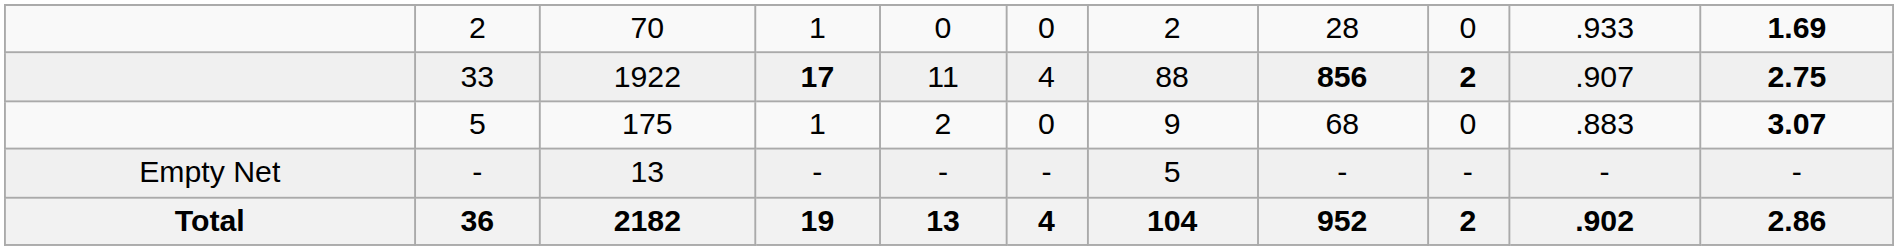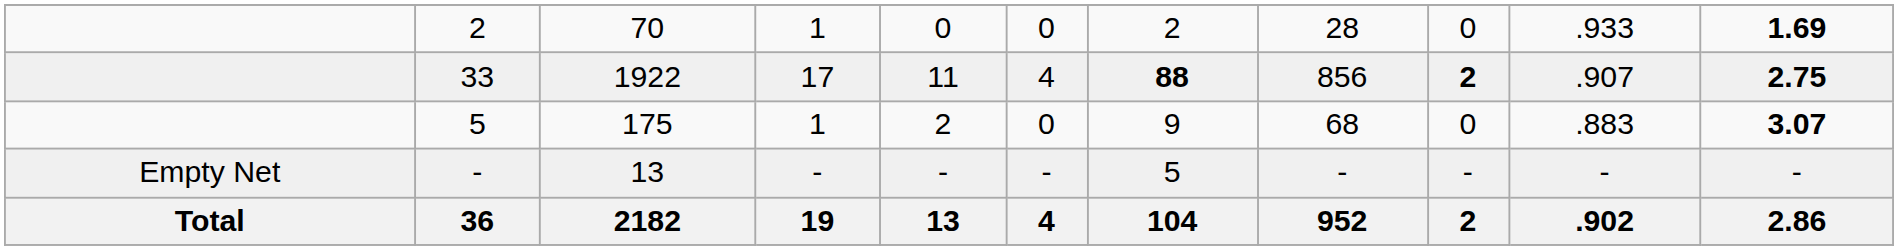 <table class="wikitable sortable" width ="1000">
 <tr align="center">
 </tr>
 <tr align="center">
 <td></td>
 <td>2</td>
 <td>70</td>
 <td>1</td>
 <td>0</td>
 <td>0</td>
 <td>2</td>
 <td>28</td>
 <td>0</td>
 <td>.933</td>
 <td><strong>1.69</strong></td>
 </tr>
 <tr align="center" bgcolor="f0f0f0">
 <td></td>
 <td>33</td>
 <td>1922</td>
-<td><strong>17</strong></td>
+<td>17</td>
 <td>11</td>
 <td>4</td>
-<td>88</td>
-<td><strong>856</strong></td>
+<td><strong>88</strong></td>
+<td>856</td>
 <td><strong>2</strong></td>
 <td>.907</td>
 <td><strong>2.75</strong></td>
 </tr>
 <tr align="center" bgcolor="">
 <td></td>
 <td>5</td>
 <td>175</td>
 <td>1</td>
 <td>2</td>
 <td>0</td>
 <td>9</td>
 <td>68</td>
 <td>0</td>
 <td>.883</td>
 <td><strong>3.07</strong></td>
 </tr>
 <tr align="center" bgcolor="f0f0f0">
 <td>Empty Net</td>
 <td>-</td>
 <td>13</td>
 <td>-</td>
 <td>-</td>
 <td>-</td>
 <td>5</td>
 <td>-</td>
 <td>-</td>
 <td>-</td>
 <td>-</td>
 </tr>
 <tr>
 <th>Total</th>
 <th>36</th>
 <th>2182</th>
 <th>19</th>
 <th>13</th>
 <th>4</th>
 <th>104</th>
 <th>952</th>
 <th>2</th>
 <th>.902</th>
 <th>2.86</th>
 </tr>
 </table>
